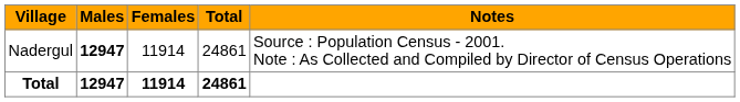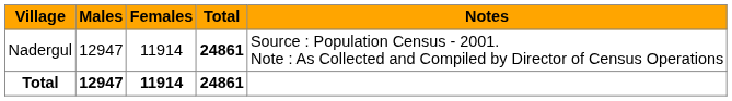 <table class="toccolours" border="1" cellpadding="3" style="border-collapse:collapse">
 <tr style="background-color:orange">
 <th>Village</th>
 <th>Males</th>
 <th>Females</th>
 <th>Total</th>
 <th>Notes</th>
 </tr>
 <tr>
 <td>Nadergul</td>
-<td align=center><strong>12947</strong></td>
+<td align=center>12947</td>
 <td align=center>11914</td>
-<td align=center>24861</td>
+<td align=center><strong>24861</strong></td>
 <td>Source : Population Census - 2001.<br>Note : As Collected and Compiled by Director of Census Operations</td>
 </tr>
 <tr>
 <td align=center><strong>Total</strong></td>
 <td align=center><strong>12947</strong></td>
 <td align=center><strong>11914</strong></td>
 <td align=center><strong>24861</strong></td>
 <td colspan=2></td>
 </tr>
 </table>
